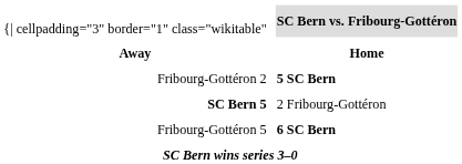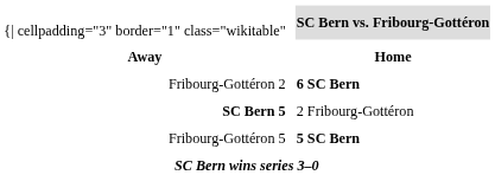 <table cellspacing="10">
 <tr>
 <td valign="top"><br>	{| cellpadding="3" border="1"  class="wikitable"</td>
 <th bgcolor="#DDDDDD" colspan="4">SC Bern vs. Fribourg-Gottéron</th>
 </tr>
 <tr>
 <th>Away</th>
 <th>Home</th>
 </tr>
 <tr>
 <td align = "right">Fribourg-Gottéron 2</td>
-<td><strong>5 SC Bern </strong></td>
+<td><strong>6 SC Bern</strong></td>
 </tr>
 <tr>
 <td align = "right"><strong>SC Bern 5</strong></td>
 <td>2 Fribourg-Gottéron</td>
 </tr>
 <tr>
 <td align = "right">Fribourg-Gottéron 5</td>
-<td><strong>6 SC Bern</strong></td>
+<td><strong>5 SC Bern </strong></td>
 </tr>
 <tr align="center">
 <td colspan="4"><strong><em>SC Bern wins series 3–0</em></strong></td>
 </tr>
 </table>
